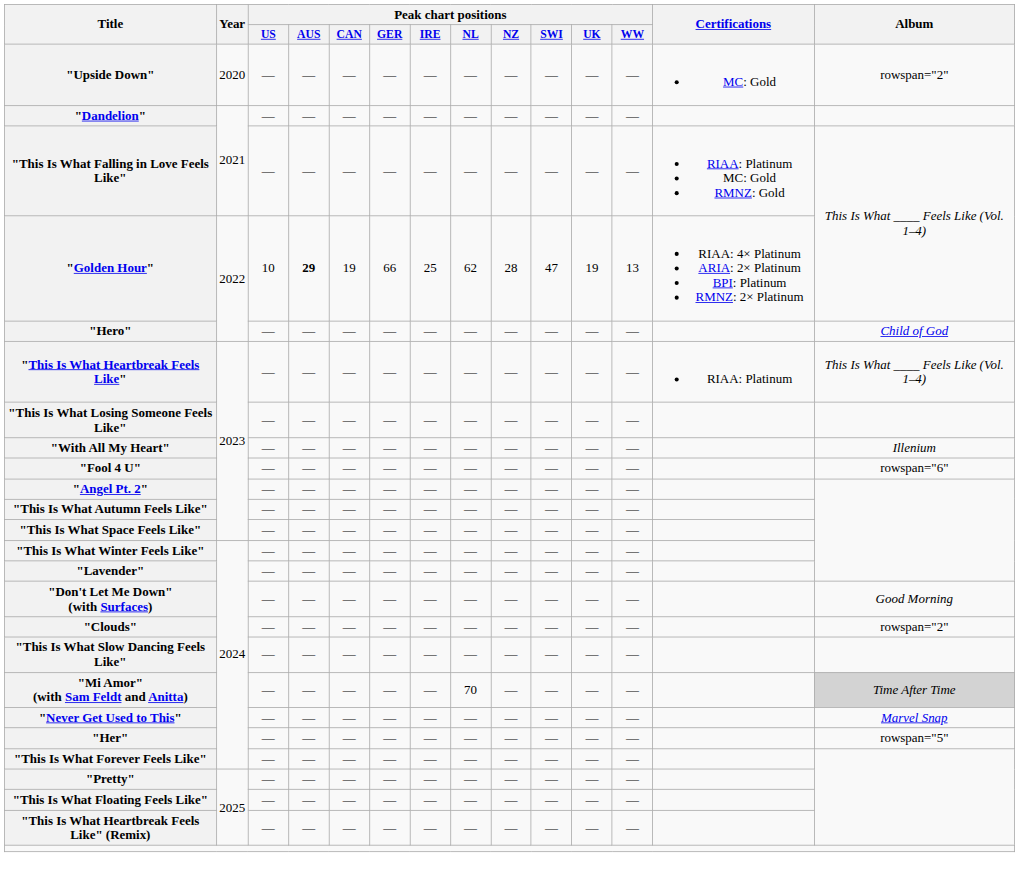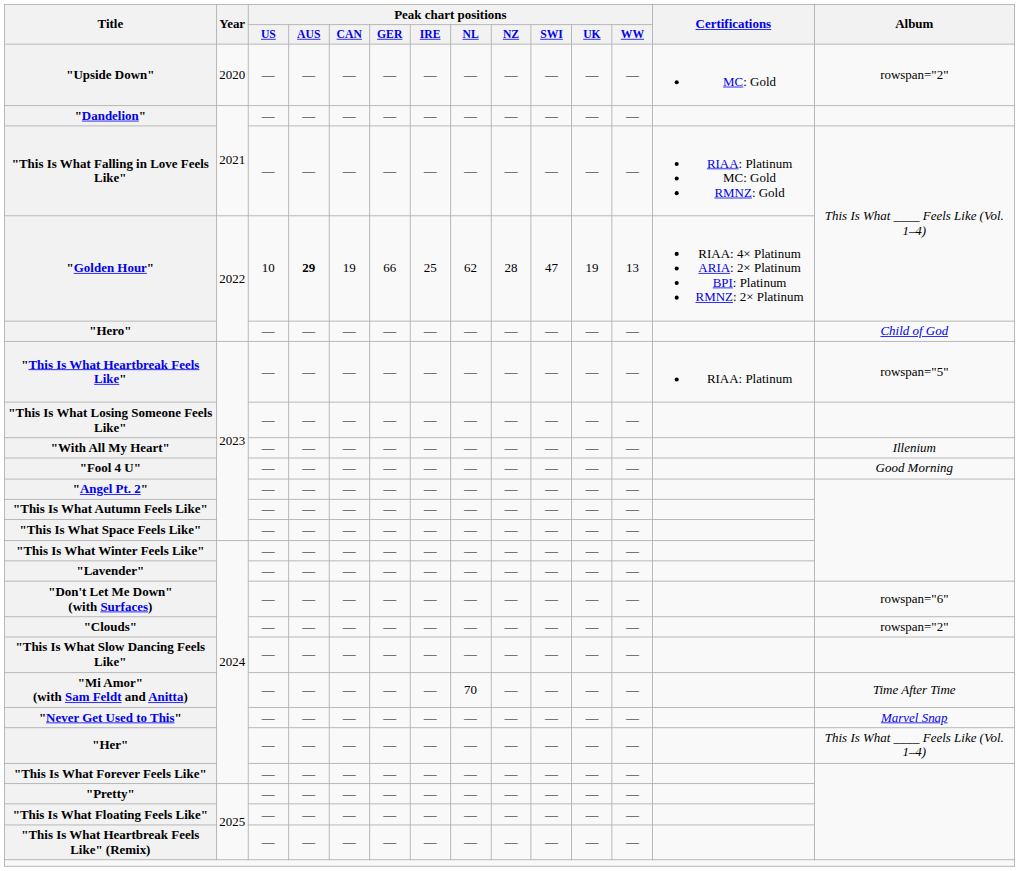 <table class="wikitable plainrowheaders" style="text-align:center;">
 <tr>
 <th scope="col" rowspan="2">Title</th>
 <th scope="col" rowspan="2">Year</th>
 <th scope="col" colspan="10">Peak chart positions</th>
 <th scope="col" rowspan="2" style="width:12em;"><a href='#'>Certifications</a></th>
 <th scope="col" rowspan="2" style="width:15em;">Album</th>
 </tr>
 <tr>
 <th scope="col" style="width:3em;font-size:90%;"><a href='#'>US</a><br></th>
 <th scope="col" style="width:3em;font-size:90%;"><a href='#'>AUS</a><br></th>
 <th scope="col" style="width:3em;font-size:90%;"><a href='#'>CAN</a><br></th>
 <th scope="col" style="width:3em;font-size:90%;"><a href='#'>GER</a><br></th>
 <th scope="col" style="width:3em;font-size:90%;"><a href='#'>IRE</a><br></th>
 <th scope="col" style="width:3em;font-size:90%;"><a href='#'>NL</a><br></th>
 <th scope="col" style="width:3em;font-size:90%;"><a href='#'>NZ</a><br></th>
 <th scope="col" style="width:3em;font-size:90%;"><a href='#'>SWI</a><br></th>
 <th scope="col" style="width:3em;font-size:90%;"><a href='#'>UK</a><br></th>
 <th scope="col" style="width:3em;font-size:90%;"><a href='#'>WW</a><br></th>
 </tr>
 <tr>
 <th scope="row">"Upside Down"<br></th>
 <td>2020</td>
 <td>—</td>
 <td>—</td>
 <td>—</td>
 <td>—</td>
 <td>—</td>
 <td>—</td>
 <td>—</td>
 <td>—</td>
 <td>—</td>
 <td>—</td>
 <td><br><ul><li><a href='#'>MC</a>: Gold</li></ul></td>
 <td>rowspan="2" </td>
 </tr>
 <tr>
 <th scope="row">"<a href='#'>Dandelion</a>"<br></th>
 <td rowspan="2">2021</td>
 <td>—</td>
 <td>—</td>
 <td>—</td>
 <td>—</td>
 <td>—</td>
 <td>—</td>
 <td>—</td>
 <td>—</td>
 <td>—</td>
 <td>—</td>
 <td></td>
 </tr>
 <tr>
 <th scope="row">"This Is What Falling in Love Feels Like"</th>
 <td>—</td>
 <td>—</td>
 <td>—</td>
 <td>—</td>
 <td>—</td>
 <td>—</td>
 <td>—</td>
 <td>—</td>
 <td>—</td>
 <td>—</td>
 <td><br><ul><li><a href='#'>RIAA</a>: Platinum</li><li>MC: Gold</li><li><a href='#'>RMNZ</a>: Gold</li></ul></td>
 <td rowspan="2"><em>This Is What ____ Feels Like (Vol. 1–4)</em></td>
 </tr>
 <tr>
 <th scope="row">"<a href='#'>Golden Hour</a>"</th>
 <td rowspan="2">2022</td>
 <td>10</td>
 <td><strong>29</strong></td>
 <td>19</td>
 <td>66</td>
 <td>25</td>
 <td>62</td>
 <td>28</td>
 <td>47</td>
 <td>19</td>
 <td>13</td>
 <td><br><ul><li>RIAA: 4× Platinum</li><li><a href='#'>ARIA</a>: 2× Platinum</li><li><a href='#'>BPI</a>: Platinum</li><li><a href='#'>RMNZ</a>: 2× Platinum</li></ul></td>
 </tr>
 <tr>
 <th scope="row">"Hero"<br></th>
 <td>—</td>
 <td>—</td>
 <td>—</td>
 <td>—</td>
 <td>—</td>
 <td>—</td>
 <td>—</td>
 <td>—</td>
 <td>—</td>
 <td>—</td>
 <td></td>
 <td><em><a href='#'>Child of God</a></em></td>
 </tr>
 <tr>
 <th scope="row">"<a href='#'>This Is What Heartbreak Feels Like</a>"</th>
 <td rowspan="7">2023</td>
 <td>—</td>
 <td>—</td>
 <td>—</td>
 <td>—</td>
 <td>—</td>
 <td>—</td>
 <td>—</td>
 <td>—</td>
 <td>—</td>
 <td>—</td>
 <td><br><ul><li>RIAA: Platinum</li></ul></td>
-<td><em>This Is What ____ Feels Like (Vol. 1–4)</em></td>
+<td>rowspan="5" </td>
 </tr>
 <tr>
 <th scope="row">"This Is What Losing Someone Feels Like"</th>
 <td>—</td>
 <td>—</td>
 <td>—</td>
 <td>—</td>
 <td>—</td>
 <td>—</td>
 <td>—</td>
 <td>—</td>
 <td>—</td>
 <td>—</td>
 <td></td>
 <td></td>
 </tr>
 <tr>
 <th scope="row">"With All My Heart"<br></th>
 <td>—</td>
 <td>—</td>
 <td>—</td>
 <td>—</td>
 <td>—</td>
 <td>—</td>
 <td>—</td>
 <td>—</td>
 <td>—</td>
 <td>—</td>
 <td></td>
 <td><em>Illenium</em></td>
 </tr>
 <tr>
 <th scope="row">"Fool 4 U"<br></th>
 <td>—</td>
 <td>—</td>
 <td>—</td>
 <td>—</td>
 <td>—</td>
 <td>—</td>
 <td>—</td>
 <td>—</td>
 <td>—</td>
 <td>—</td>
 <td></td>
-<td>rowspan="6" </td>
+<td><em>Good Morning</em></td>
 </tr>
 <tr>
 <th scope="row">"<a href='#'>Angel Pt. 2</a>"<br></th>
 <td>—</td>
 <td>—</td>
 <td>—</td>
 <td>—</td>
 <td>—</td>
 <td>—</td>
 <td>—</td>
 <td>—</td>
 <td>—</td>
 <td>—</td>
 <td></td>
 </tr>
 <tr>
 <th scope="row">"This Is What Autumn Feels Like"</th>
 <td>—</td>
 <td>—</td>
 <td>—</td>
 <td>—</td>
 <td>—</td>
 <td>—</td>
 <td>—</td>
 <td>—</td>
 <td>—</td>
 <td>—</td>
 <td></td>
 </tr>
 <tr>
 <th scope="row">"This Is What Space Feels Like"</th>
 <td>—</td>
 <td>—</td>
 <td>—</td>
 <td>—</td>
 <td>—</td>
 <td>—</td>
 <td>—</td>
 <td>—</td>
 <td>—</td>
 <td>—</td>
 <td></td>
 </tr>
 <tr>
 <th scope="row">"This Is What Winter Feels Like"</th>
 <td rowspan="9">2024</td>
 <td>—</td>
 <td>—</td>
 <td>—</td>
 <td>—</td>
 <td>—</td>
 <td>—</td>
 <td>—</td>
 <td>—</td>
 <td>—</td>
 <td>—</td>
 <td></td>
 </tr>
 <tr>
 <th scope="row">"Lavender"<br></th>
 <td>—</td>
 <td>—</td>
 <td>—</td>
 <td>—</td>
 <td>—</td>
 <td>—</td>
 <td>—</td>
 <td>—</td>
 <td>—</td>
 <td>—</td>
 <td></td>
 </tr>
 <tr>
 <th scope="row">"Don't Let Me Down"<br><span>(with <a href='#'>Surfaces</a>)</span></th>
 <td>—</td>
 <td>—</td>
 <td>—</td>
 <td>—</td>
 <td>—</td>
 <td>—</td>
 <td>—</td>
 <td>—</td>
 <td>—</td>
 <td>—</td>
 <td></td>
-<td><em>Good Morning</em></td>
+<td>rowspan="6" </td>
 </tr>
 <tr>
 <th scope="row">"Clouds"</th>
 <td>—</td>
 <td>—</td>
 <td>—</td>
 <td>—</td>
 <td>—</td>
 <td>—</td>
 <td>—</td>
 <td>—</td>
 <td>—</td>
 <td>—</td>
 <td></td>
 <td>rowspan="2" </td>
 </tr>
 <tr>
 <th scope="row">"This Is What Slow Dancing Feels Like"</th>
 <td>—</td>
 <td>—</td>
 <td>—</td>
 <td>—</td>
 <td>—</td>
 <td>—</td>
 <td>—</td>
 <td>—</td>
 <td>—</td>
 <td>—</td>
 <td></td>
 </tr>
 <tr>
 <th scope="row">"Mi Amor"<br><span>(with <a href='#'>Sam Feldt</a> and <a href='#'>Anitta</a>)</span></th>
 <td>—</td>
 <td>—</td>
 <td>—</td>
 <td>—</td>
 <td>—</td>
 <td>70</td>
 <td>—</td>
 <td>—</td>
 <td>—</td>
 <td>—</td>
 <td></td>
-<td style="background: lightgrey;"><em>Time After Time</em></td>
+<td><em>Time After Time</em></td>
 </tr>
 <tr>
 <th scope="row">"<a href='#'>Never Get Used to This</a>"<br></th>
 <td>—</td>
 <td>—</td>
 <td>—</td>
 <td>—</td>
 <td>—</td>
 <td>—</td>
 <td>—</td>
 <td>—</td>
 <td>—</td>
 <td>—</td>
 <td></td>
 <td><em><a href='#'>Marvel Snap</a></em></td>
 </tr>
 <tr>
 <th scope="row">"Her"</th>
 <td>—</td>
 <td>—</td>
 <td>—</td>
 <td>—</td>
 <td>—</td>
 <td>—</td>
 <td>—</td>
 <td>—</td>
 <td>—</td>
 <td>—</td>
 <td></td>
-<td>rowspan="5" </td>
+<td><em>This Is What ____ Feels Like (Vol. 1–4)</em></td>
 </tr>
 <tr>
 <th scope="row">"This Is What Forever Feels Like"<br></th>
 <td>—</td>
 <td>—</td>
 <td>—</td>
 <td>—</td>
 <td>—</td>
 <td>—</td>
 <td>—</td>
 <td>—</td>
 <td>—</td>
 <td>—</td>
 <td></td>
 </tr>
 <tr>
 <th scope="row">"Pretty"</th>
 <td rowspan="3">2025</td>
 <td>—</td>
 <td>—</td>
 <td>—</td>
 <td>—</td>
 <td>—</td>
 <td>—</td>
 <td>—</td>
 <td>—</td>
 <td>—</td>
 <td>—</td>
 <td></td>
 </tr>
 <tr>
 <th scope="row">"This Is What Floating Feels Like"<br></th>
 <td>—</td>
 <td>—</td>
 <td>—</td>
 <td>—</td>
 <td>—</td>
 <td>—</td>
 <td>—</td>
 <td>—</td>
 <td>—</td>
 <td>—</td>
 <td></td>
 </tr>
 <tr>
 <th scope="row">"This Is What Heartbreak Feels Like" (Remix)<br></th>
 <td>—</td>
 <td>—</td>
 <td>—</td>
 <td>—</td>
 <td>—</td>
 <td>—</td>
 <td>—</td>
 <td>—</td>
 <td>—</td>
 <td>—</td>
 <td></td>
 </tr>
 <tr>
 <td colspan="15"></td>
 </tr>
 </table>
